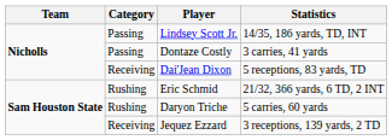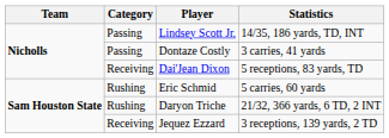 <table class="wikitable" style="float: right;">
 <tr>
 <th>Team</th>
 <th>Category</th>
 <th>Player</th>
 <th>Statistics</th>
 </tr>
 <tr>
 <td rowspan=3><strong>Nicholls</strong></td>
 <td>Passing</td>
 <td><a href='#'>Lindsey Scott Jr.</a></td>
 <td>14/35, 186 yards, TD, INT</td>
 </tr>
 <tr>
 <td>Passing</td>
 <td>Dontaze Costly</td>
 <td>3 carries, 41 yards</td>
 </tr>
 <tr>
 <td>Receiving</td>
 <td><a href='#'>Dai'Jean Dixon</a></td>
 <td>5 receptions, 83 yards, TD</td>
 </tr>
 <tr>
 <td rowspan=3><strong>Sam Houston State</strong></td>
 <td>Rushing</td>
 <td>Eric Schmid</td>
-<td>21/32, 366 yards, 6 TD, 2 INT</td>
+<td>5 carries, 60 yards</td>
 </tr>
 <tr>
 <td>Rushing</td>
 <td>Daryon Triche</td>
-<td>5 carries, 60 yards</td>
+<td>21/32, 366 yards, 6 TD, 2 INT</td>
 </tr>
 <tr>
 <td>Receiving</td>
 <td>Jequez Ezzard</td>
 <td>3 receptions, 139 yards, 2 TD</td>
 </tr>
 </table>
